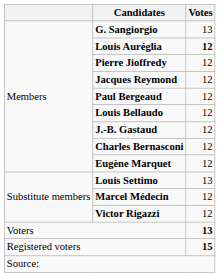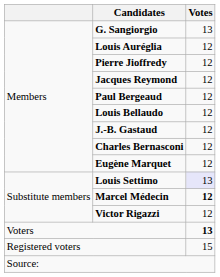 <table class="wikitable" style="text-align:right">
 <tr>
 <th></th>
 <th>Candidates</th>
 <th>Votes</th>
 </tr>
 <tr>
 <td rowspan="9" align="left">Members</td>
 <td align="left"><strong>G. Sangiorgio</strong></td>
 <td>13</td>
 </tr>
 <tr>
 <td align="left"><strong>Louis Auréglia</strong></td>
-<td><strong>12</strong></td>
+<td>12</td>
 </tr>
 <tr>
 <td align="left"><strong>Pierre Jioffredy</strong></td>
 <td>12</td>
 </tr>
 <tr>
 <td align="left"><strong>Jacques Reymond</strong></td>
 <td>12</td>
 </tr>
 <tr>
 <td align="left"><strong>Paul Bergeaud</strong></td>
 <td>12</td>
 </tr>
 <tr>
 <td align="left"><strong>Louis Bellaudo</strong></td>
 <td>12</td>
 </tr>
 <tr>
 <td align="left"><strong>J.-B. Gastaud</strong></td>
 <td>12</td>
 </tr>
 <tr>
 <td align="left"><strong>Charles Bernasconi</strong></td>
 <td>12</td>
 </tr>
 <tr>
 <td align="left"><strong>Eugène Marquet</strong></td>
 <td>12</td>
 </tr>
 <tr>
 <td rowspan="3" align="left">Substitute members</td>
 <td align="left"><strong>Louis Settimo</strong></td>
-<td>13</td>
+<td style="background: lavender;">13</td>
 </tr>
 <tr>
 <td align="left"><strong>Marcel Médecin</strong></td>
-<td>12</td>
+<td><strong>12</strong></td>
 </tr>
 <tr>
 <td align="left"><strong>Victor Rigazzi</strong></td>
 <td>12</td>
 </tr>
 <tr>
 <td colspan="2" align="left">Voters</td>
 <td><strong>13</strong></td>
 </tr>
 <tr>
 <td colspan="2" align="left">Registered voters</td>
-<td><strong>15</strong></td>
+<td>15</td>
 </tr>
 <tr>
 <td colspan="3" align="left">Source:</td>
 </tr>
 </table>
